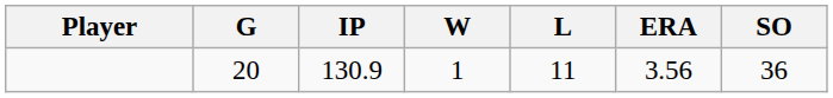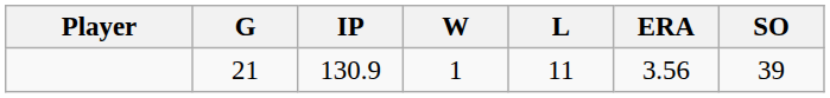 <table class="wikitable sortable">
 <tr>
 <th bgcolor="#DDDDFF" width="16%">Player</th>
 <th bgcolor="#DDDDFF" width="9%">G</th>
 <th bgcolor="#DDDDFF" width="9%">IP</th>
 <th bgcolor="#DDDDFF" width="9%">W</th>
 <th bgcolor="#DDDDFF" width="9%">L</th>
 <th bgcolor="#DDDDFF" width="9%">ERA</th>
 <th bgcolor="#DDDDFF" width="9%">SO</th>
 </tr>
 <tr align="center">
 <td></td>
-<td>20</td>
+<td>21</td>
 <td>130.9</td>
 <td>1</td>
 <td>11</td>
 <td>3.56</td>
-<td>36</td>
+<td>39</td>
 </tr>
 </table>
